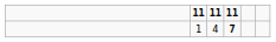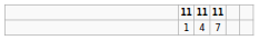 <table class="wikitable">
 <tr>
 <td style="width:18em"></td>
 <td align=center style="width:1em"><strong>11</strong></td>
 <td align=center style="width:1em"><strong>11</strong></td>
 <td align=center style="width:1em"><strong>11</strong></td>
 <td align=center style="width:1em"></td>
 <td align=center style="width:1em"></td>
 </tr>
 <tr>
 <td style="width:18em"></td>
 <td align=center style="width:1em">1</td>
 <td align=center style="width:1em">4</td>
-<td align=center style="width:1em"><strong>7</strong></td>
+<td align=center style="width:1em">7</td>
 <td align=center style="width:1em"></td>
 <td align=center style="width:1em"></td>
 </tr>
 </table>
